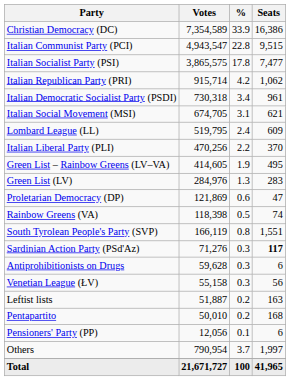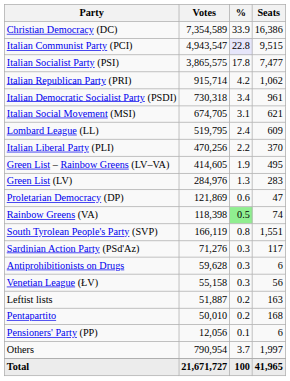 <table class="wikitable" style="font-size: 90%;">
 <tr bgcolor="#ececec">
 <th>Party</th>
 <th>Votes</th>
 <th>%</th>
 <th>Seats</th>
 </tr>
 <tr>
 <td><a href='#'>Christian Democracy</a> (DC)</td>
 <td align=right>7,354,589</td>
 <td align=right>33.9</td>
 <td align=right>16,386</td>
 </tr>
 <tr>
 <td><a href='#'>Italian Communist Party</a> (PCI)</td>
 <td align=right>4,943,547</td>
-<td align=right>22.8</td>
+<td align=right style="background: lavender;">22.8</td>
 <td align=right>9,515</td>
 </tr>
 <tr>
 <td><a href='#'>Italian Socialist Party</a> (PSI)</td>
 <td align=right>3,865,575</td>
 <td align=right>17.8</td>
 <td align=right>7,477</td>
 </tr>
 <tr>
 <td><a href='#'>Italian Republican Party</a> (PRI)</td>
 <td align=right>915,714</td>
 <td align=right>4.2</td>
 <td align=right>1,062</td>
 </tr>
 <tr>
 <td><a href='#'>Italian Democratic Socialist Party</a> (PSDI)</td>
 <td align=right>730,318</td>
 <td align=right>3.4</td>
 <td align=right>961</td>
 </tr>
 <tr>
 <td><a href='#'>Italian Social Movement</a> (MSI)</td>
 <td align=right>674,705</td>
 <td align=right>3.1</td>
 <td align=right>621</td>
 </tr>
 <tr>
 <td><a href='#'>Lombard League</a> (LL)</td>
 <td align=right>519,795</td>
 <td align=right>2.4</td>
 <td align=right>609</td>
 </tr>
 <tr>
 <td><a href='#'>Italian Liberal Party</a> (PLI)</td>
 <td align=right>470,256</td>
 <td align=right>2.2</td>
 <td align=right>370</td>
 </tr>
 <tr>
 <td><a href='#'>Green List</a> – <a href='#'>Rainbow Greens</a> (LV–VA)</td>
 <td align=right>414,605</td>
 <td align=right>1.9</td>
 <td align=right>495</td>
 </tr>
 <tr>
 <td><a href='#'>Green List</a> (LV)</td>
 <td align=right>284,976</td>
 <td align=right>1.3</td>
 <td align=right>283</td>
 </tr>
 <tr>
 <td><a href='#'>Proletarian Democracy</a> (DP)</td>
 <td align=right>121,869</td>
 <td align=right>0.6</td>
 <td align=right>47</td>
 </tr>
 <tr>
 <td><a href='#'>Rainbow Greens</a> (VA)</td>
 <td align=right>118,398</td>
-<td align=right>0.5</td>
+<td align=right style="background: lightgreen;">0.5</td>
 <td align=right>74</td>
 </tr>
 <tr>
 <td><a href='#'>South Tyrolean People's Party</a> (SVP)</td>
 <td align=right>166,119</td>
 <td align=right>0.8</td>
 <td align=right>1,551</td>
 </tr>
 <tr>
 <td><a href='#'>Sardinian Action Party</a> (PSd'Az)</td>
 <td align=right>71,276</td>
 <td align=right>0.3</td>
-<td align=right><strong>117</strong></td>
+<td align=right>117</td>
 </tr>
 <tr>
 <td><a href='#'>Antiprohibitionists on Drugs</a></td>
 <td align=right>59,628</td>
 <td align=right>0.3</td>
 <td align=right>6</td>
 </tr>
 <tr>
 <td><a href='#'>Venetian League</a> (ŁV)</td>
 <td align=right>55,158</td>
 <td align=right>0.3</td>
 <td align=right>56</td>
 </tr>
 <tr>
 <td>Leftist lists</td>
 <td align=right>51,887</td>
 <td align=right>0.2</td>
 <td align=right>163</td>
 </tr>
 <tr>
 <td><a href='#'>Pentapartito</a></td>
 <td align=right>50,010</td>
 <td align=right>0.2</td>
 <td align=right>168</td>
 </tr>
 <tr>
 <td><a href='#'>Pensioners' Party</a> (PP)</td>
 <td align=right>12,056</td>
 <td align=right>0.1</td>
 <td align=right>6</td>
 </tr>
 <tr>
 <td>Others</td>
 <td align=right>790,954</td>
 <td align=right>3.7</td>
 <td align=right>1,997</td>
 </tr>
 <tr>
 </tr>
 <tr bgcolor="#ececec">
 <td><strong>Total</strong></td>
 <td align=right><strong>21,671,727</strong></td>
 <td align=right><strong>100</strong></td>
 <td align=right><strong>41,965</strong></td>
 </tr>
 </table>
